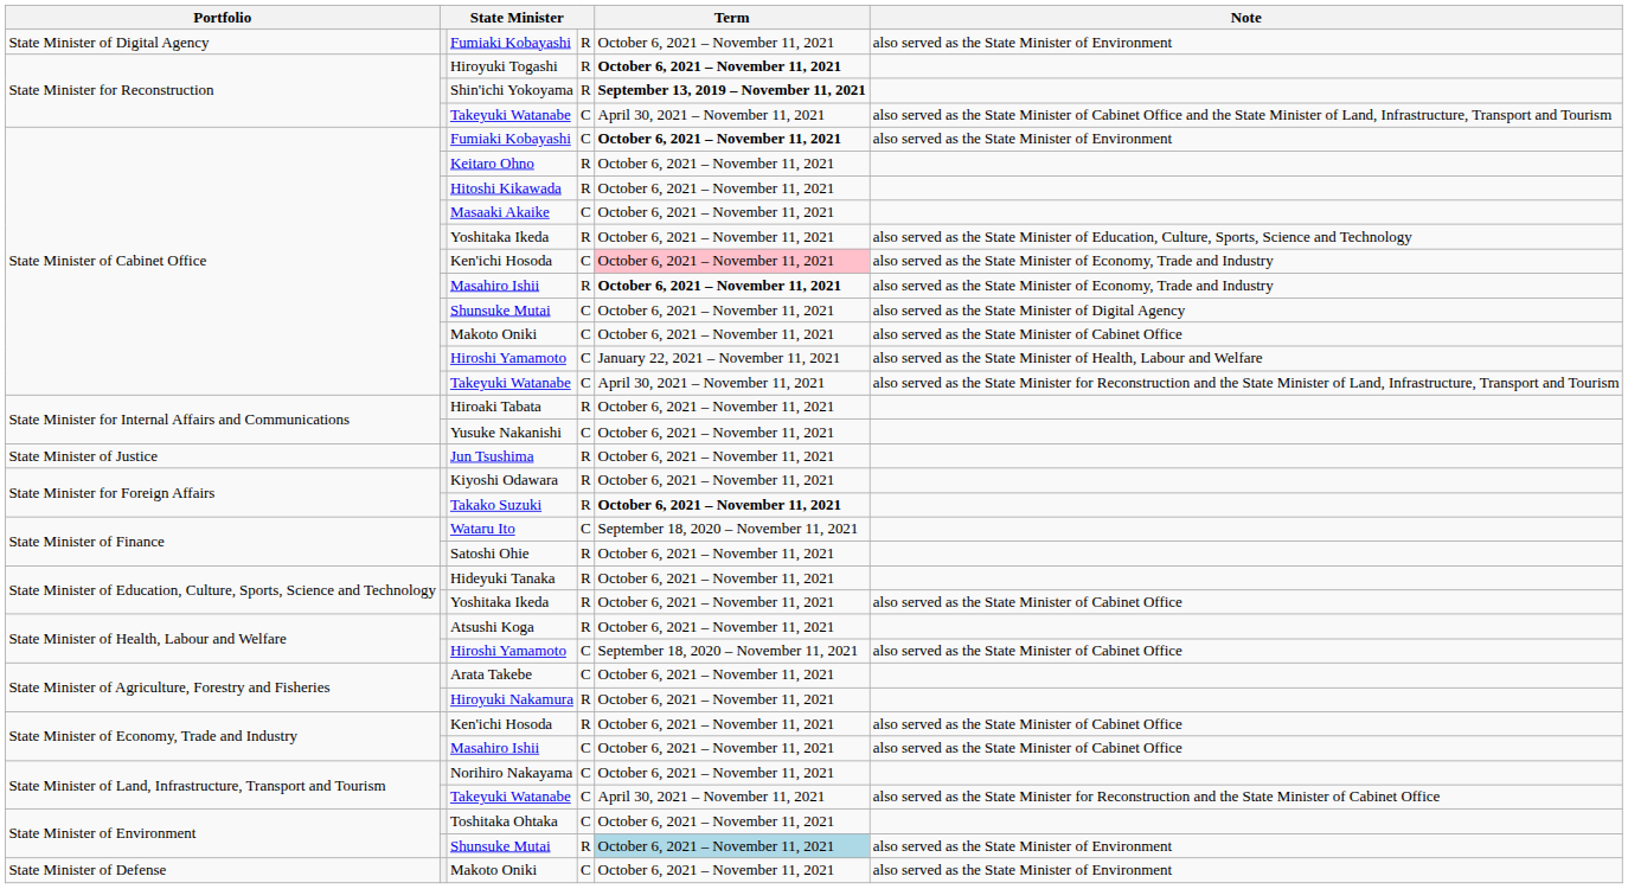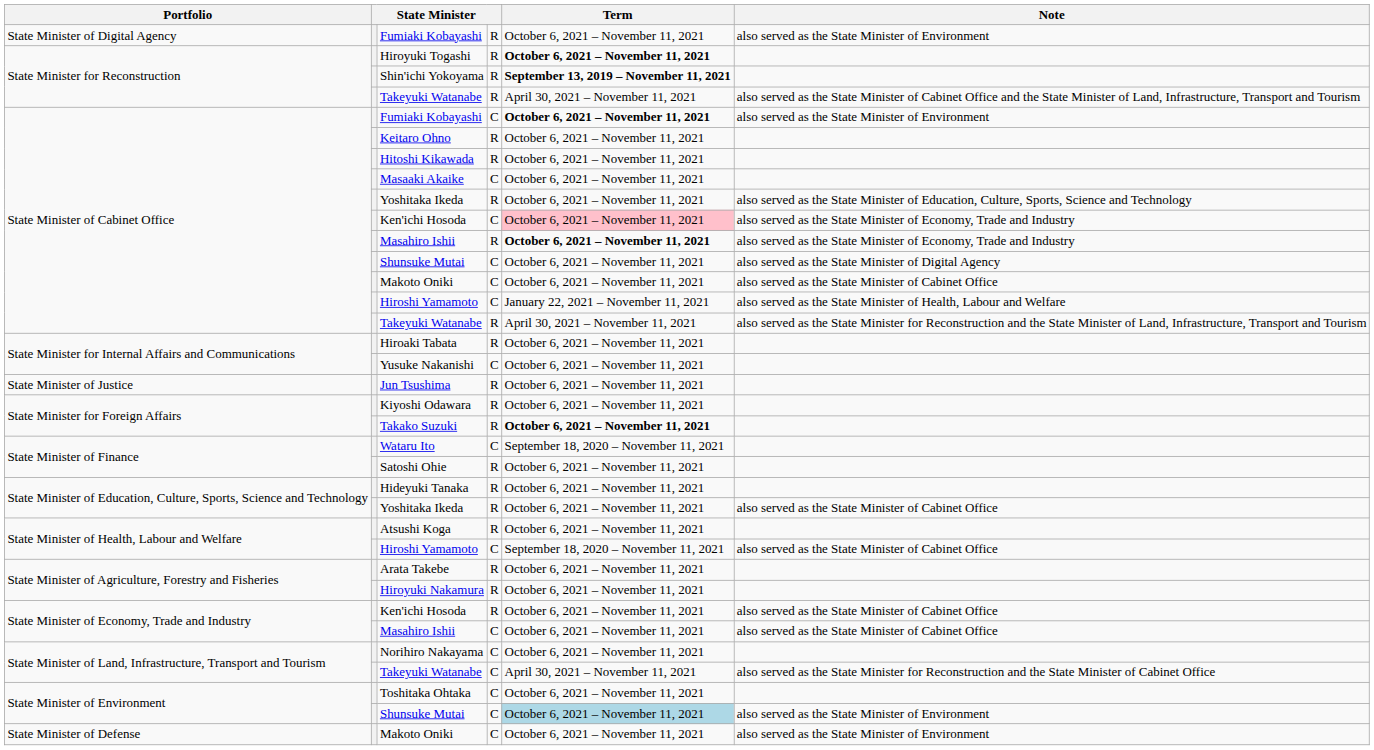 <table class="wikitable">
 <tr>
 <th>Portfolio</th>
 <th colspan="3">State Minister</th>
 <th>Term</th>
 <th>Note</th>
 </tr>
 <tr>
 <td>State Minister of Digital Agency</td>
 <th style="color:inherit;background-color: "></th>
 <td><a href='#'>Fumiaki Kobayashi</a></td>
 <td>R</td>
 <td>October 6, 2021 – November 11, 2021</td>
 <td>also served as the State Minister of Environment</td>
 </tr>
 <tr>
 <td rowspan=3>State Minister for Reconstruction</td>
 <th style="color:inherit;background-color: "></th>
 <td>Hiroyuki Togashi</td>
 <td>R</td>
 <td><strong>October 6, 2021 – November 11, 2021</strong></td>
 <td></td>
 </tr>
 <tr>
 <th style="color:inherit;background-color: "></th>
 <td>Shin'ichi Yokoyama</td>
 <td>R</td>
 <td><strong>September 13, 2019 – November 11, 2021</strong></td>
 <td></td>
 </tr>
 <tr>
 <th style="color:inherit;background-color: "></th>
 <td><a href='#'>Takeyuki Watanabe</a></td>
-<td>C</td>
+<td>R</td>
 <td>April 30, 2021 – November 11, 2021</td>
 <td>also served as the State Minister of Cabinet Office and the State Minister of Land, Infrastructure, Transport and Tourism</td>
 </tr>
 <tr>
 <td rowspan=11>State Minister of Cabinet Office</td>
 <th style="color:inherit;background-color: "></th>
 <td><a href='#'>Fumiaki Kobayashi</a></td>
 <td>C</td>
 <td><strong>October 6, 2021 – November 11, 2021</strong></td>
 <td>also served as the State Minister of Environment</td>
 </tr>
 <tr>
 <th style="color:inherit;background-color: "></th>
 <td><a href='#'>Keitaro Ohno</a></td>
 <td>R</td>
 <td>October 6, 2021 – November 11, 2021</td>
 <td></td>
 </tr>
 <tr>
 <th style="color:inherit;background-color: "></th>
 <td><a href='#'>Hitoshi Kikawada</a></td>
 <td>R</td>
 <td>October 6, 2021 – November 11, 2021</td>
 <td></td>
 </tr>
 <tr>
 <th style="color:inherit;background-color: "></th>
 <td><a href='#'>Masaaki Akaike</a></td>
 <td>C</td>
 <td>October 6, 2021 – November 11, 2021</td>
 <td></td>
 </tr>
 <tr>
 <th style="color:inherit;background-color: "></th>
 <td>Yoshitaka Ikeda</td>
 <td>R</td>
 <td>October 6, 2021 – November 11, 2021</td>
 <td>also served as the State Minister of Education, Culture, Sports, Science and Technology</td>
 </tr>
 <tr>
 <th style="color:inherit;background-color: "></th>
 <td>Ken'ichi Hosoda</td>
 <td>C</td>
 <td style="background: pink;">October 6, 2021 – November 11, 2021</td>
 <td>also served as the State Minister of Economy, Trade and Industry</td>
 </tr>
 <tr>
 <th style="color:inherit;background-color: "></th>
 <td><a href='#'>Masahiro Ishii</a></td>
 <td>R</td>
 <td><strong>October 6, 2021 – November 11, 2021</strong></td>
 <td>also served as the State Minister of Economy, Trade and Industry</td>
 </tr>
 <tr>
 <th style="color:inherit;background-color: "></th>
 <td><a href='#'>Shunsuke Mutai</a></td>
 <td>C</td>
 <td>October 6, 2021 – November 11, 2021</td>
 <td>also served as the State Minister of Digital Agency</td>
 </tr>
 <tr>
 <th style="color:inherit;background-color: "></th>
 <td>Makoto Oniki</td>
 <td>C</td>
 <td>October 6, 2021 – November 11, 2021</td>
 <td>also served as the State Minister of Cabinet Office</td>
 </tr>
 <tr>
 <th style="color:inherit;background-color: "></th>
 <td><a href='#'>Hiroshi Yamamoto</a></td>
 <td>C</td>
 <td>January 22, 2021 – November 11, 2021</td>
 <td>also served as the State Minister of Health, Labour and Welfare</td>
 </tr>
 <tr>
 <th style="color:inherit;background-color: "></th>
 <td><a href='#'>Takeyuki Watanabe</a></td>
-<td>C</td>
+<td>R</td>
 <td>April 30, 2021 – November 11, 2021</td>
 <td>also served as the State Minister for Reconstruction and the State Minister of Land, Infrastructure, Transport and Tourism</td>
 </tr>
 <tr>
 <td rowspan=2>State Minister for Internal Affairs and Communications</td>
 <th style="color:inherit;background-color: "></th>
 <td>Hiroaki Tabata</td>
 <td>R</td>
 <td>October 6, 2021 – November 11, 2021</td>
 <td></td>
 </tr>
 <tr>
 <th style="color:inherit;background-color: "></th>
 <td>Yusuke Nakanishi</td>
 <td>C</td>
 <td>October 6, 2021 – November 11, 2021</td>
 <td></td>
 </tr>
 <tr>
 <td>State Minister of Justice</td>
 <th style="color:inherit;background-color: "></th>
 <td><a href='#'>Jun Tsushima</a></td>
 <td>R</td>
 <td>October 6, 2021 – November 11, 2021</td>
 <td></td>
 </tr>
 <tr>
 <td rowspan=2>State Minister for Foreign Affairs</td>
 <th style="color:inherit;background-color: "></th>
 <td>Kiyoshi Odawara</td>
 <td>R</td>
 <td>October 6, 2021 – November 11, 2021</td>
 <td></td>
 </tr>
 <tr>
 <th style="color:inherit;background-color: "></th>
 <td><a href='#'>Takako Suzuki</a></td>
 <td>R</td>
 <td><strong>October 6, 2021 – November 11, 2021</strong></td>
 <td></td>
 </tr>
 <tr>
 <td rowspan=2>State Minister of Finance</td>
 <th style="color:inherit;background-color: "></th>
 <td><a href='#'>Wataru Ito</a></td>
 <td>C</td>
 <td>September 18, 2020 – November 11, 2021</td>
 <td></td>
 </tr>
 <tr>
 <th style="color:inherit;background-color: "></th>
 <td>Satoshi Ohie</td>
 <td>R</td>
 <td>October 6, 2021 – November 11, 2021</td>
 <td></td>
 </tr>
 <tr>
 <td rowspan=2>State Minister of Education, Culture, Sports, Science and Technology</td>
 <th style="color:inherit;background-color: "></th>
 <td>Hideyuki Tanaka</td>
 <td>R</td>
 <td>October 6, 2021 – November 11, 2021</td>
 <td></td>
 </tr>
 <tr>
 <th style="color:inherit;background-color: "></th>
 <td>Yoshitaka Ikeda</td>
 <td>R</td>
 <td>October 6, 2021 – November 11, 2021</td>
 <td>also served as the State Minister of Cabinet Office</td>
 </tr>
 <tr>
 <td rowspan=2>State Minister of Health, Labour and Welfare</td>
 <th style="color:inherit;background-color: "></th>
 <td>Atsushi Koga</td>
 <td>R</td>
 <td>October 6, 2021 – November 11, 2021</td>
 <td></td>
 </tr>
 <tr>
 <th style="color:inherit;background-color: "></th>
 <td><a href='#'>Hiroshi Yamamoto</a></td>
 <td>C</td>
 <td>September 18, 2020 – November 11, 2021</td>
 <td>also served as the State Minister of Cabinet Office</td>
 </tr>
 <tr>
 <td rowspan=2>State Minister of Agriculture, Forestry and Fisheries</td>
 <th style="color:inherit;background-color: "></th>
 <td>Arata Takebe</td>
-<td>C</td>
+<td>R</td>
 <td>October 6, 2021 – November 11, 2021</td>
 <td></td>
 </tr>
 <tr>
 <th style="color:inherit;background-color: "></th>
 <td><a href='#'>Hiroyuki Nakamura</a></td>
 <td>R</td>
 <td>October 6, 2021 – November 11, 2021</td>
 <td></td>
 </tr>
 <tr>
 <td rowspan=2>State Minister of Economy, Trade and Industry</td>
 <th style="color:inherit;background-color: "></th>
 <td>Ken'ichi Hosoda</td>
 <td>R</td>
 <td>October 6, 2021 – November 11, 2021</td>
 <td>also served as the State Minister of Cabinet Office</td>
 </tr>
 <tr>
 <th style="color:inherit;background-color: "></th>
 <td><a href='#'>Masahiro Ishii</a></td>
 <td>C</td>
 <td>October 6, 2021 – November 11, 2021</td>
 <td>also served as the State Minister of Cabinet Office</td>
 </tr>
 <tr>
 <td rowspan=2>State Minister of Land, Infrastructure, Transport and Tourism</td>
 <th style="color:inherit;background-color: "></th>
 <td>Norihiro Nakayama</td>
 <td>C</td>
 <td>October 6, 2021 – November 11, 2021</td>
 <td></td>
 </tr>
 <tr>
 <th style="color:inherit;background-color: "></th>
 <td><a href='#'>Takeyuki Watanabe</a></td>
 <td>C</td>
 <td>April 30, 2021 – November 11, 2021</td>
 <td>also served as the State Minister for Reconstruction and the State Minister of Cabinet Office</td>
 </tr>
 <tr>
 <td rowspan=2>State Minister of Environment</td>
 <th style="color:inherit;background-color: "></th>
 <td>Toshitaka Ohtaka</td>
 <td>C</td>
 <td>October 6, 2021 – November 11, 2021</td>
 <td></td>
 </tr>
 <tr>
 <th style="color:inherit;background-color: "></th>
 <td><a href='#'>Shunsuke Mutai</a></td>
-<td>R</td>
+<td>C</td>
 <td style="background: lightblue;">October 6, 2021 – November 11, 2021</td>
 <td>also served as the State Minister of Environment</td>
 </tr>
 <tr>
 <td>State Minister of Defense</td>
 <th style="color:inherit;background-color: "></th>
 <td>Makoto Oniki</td>
 <td>C</td>
 <td>October 6, 2021 – November 11, 2021</td>
 <td>also served as the State Minister of Environment</td>
 </tr>
 </table>
